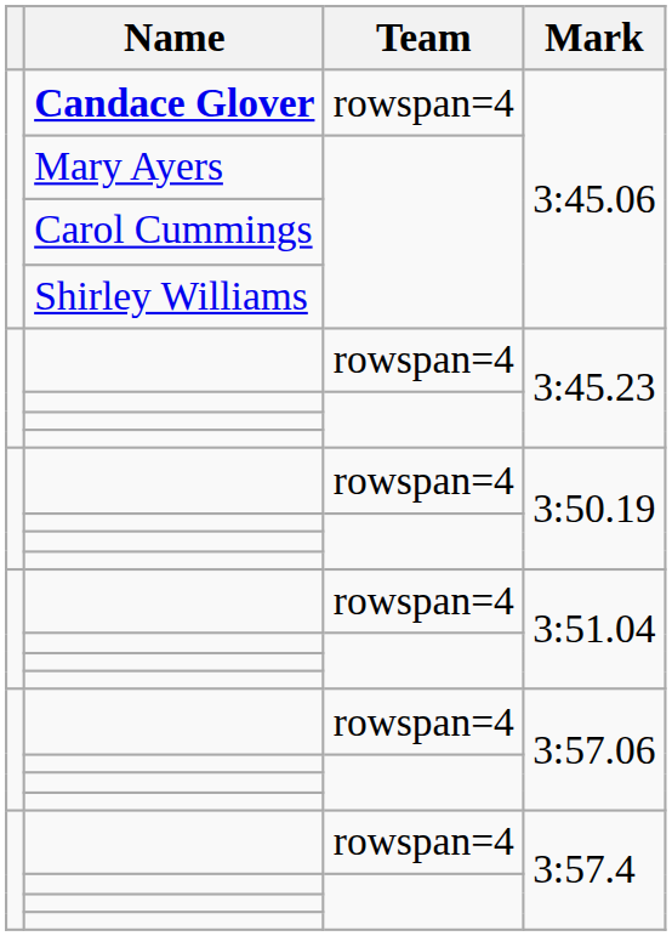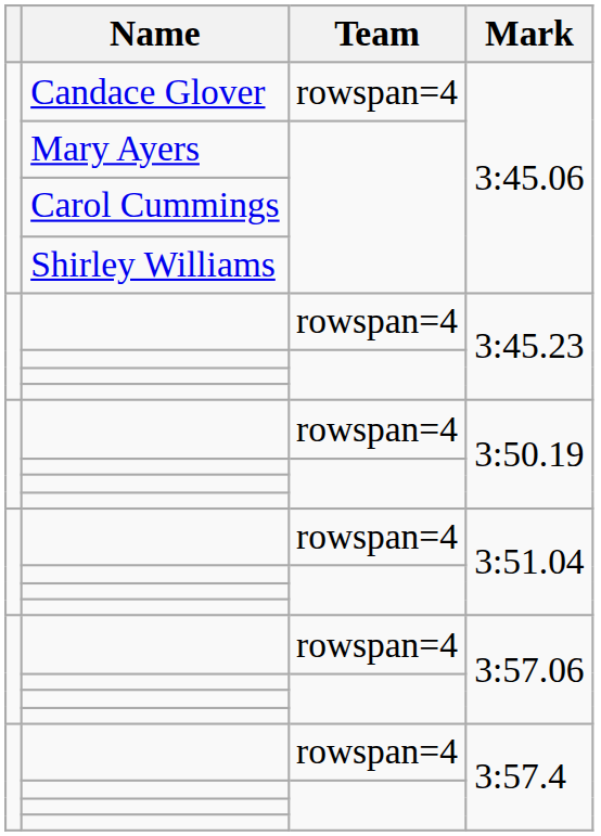 <table class=wikitable>
 <tr>
 <th></th>
 <th>Name</th>
 <th>Team</th>
 <th>Mark</th>
 </tr>
 <tr>
 <td rowspan=4></td>
-<td><strong><a href='#'>Candace Glover</a></strong></td>
+<td><a href='#'>Candace Glover</a></td>
 <td>rowspan=4 </td>
 <td rowspan=4>3:45.06</td>
 </tr>
 <tr>
 <td><a href='#'>Mary Ayers</a></td>
 </tr>
 <tr>
 <td><a href='#'>Carol Cummings</a></td>
 </tr>
 <tr>
 <td><a href='#'>Shirley Williams</a></td>
 </tr>
 <tr>
 <td rowspan=4></td>
 <td></td>
 <td>rowspan=4 </td>
 <td rowspan=4>3:45.23</td>
 </tr>
 <tr>
 <td></td>
 </tr>
 <tr>
 <td></td>
 </tr>
 <tr>
 <td></td>
 </tr>
 <tr>
 <td rowspan=4></td>
 <td></td>
 <td>rowspan=4 </td>
 <td rowspan=4>3:50.19</td>
 </tr>
 <tr>
 <td></td>
 </tr>
 <tr>
 <td></td>
 </tr>
 <tr>
 <td></td>
 </tr>
 <tr>
 <td rowspan=4></td>
 <td></td>
 <td>rowspan=4 </td>
 <td rowspan=4>3:51.04</td>
 </tr>
 <tr>
 <td></td>
 </tr>
 <tr>
 <td></td>
 </tr>
 <tr>
 <td></td>
 </tr>
 <tr>
 <td rowspan=4></td>
 <td></td>
 <td>rowspan=4 </td>
 <td rowspan=4>3:57.06</td>
 </tr>
 <tr>
 <td></td>
 </tr>
 <tr>
 <td></td>
 </tr>
 <tr>
 <td></td>
 </tr>
 <tr>
 <td rowspan=4></td>
 <td></td>
 <td>rowspan=4 </td>
 <td rowspan=4>3:57.4</td>
 </tr>
 <tr>
 <td></td>
 </tr>
 <tr>
 <td></td>
 </tr>
 <tr>
 <td></td>
 </tr>
 </table>
